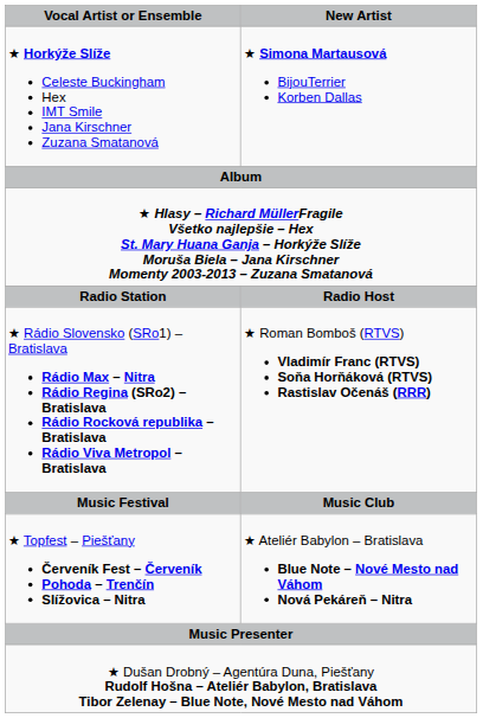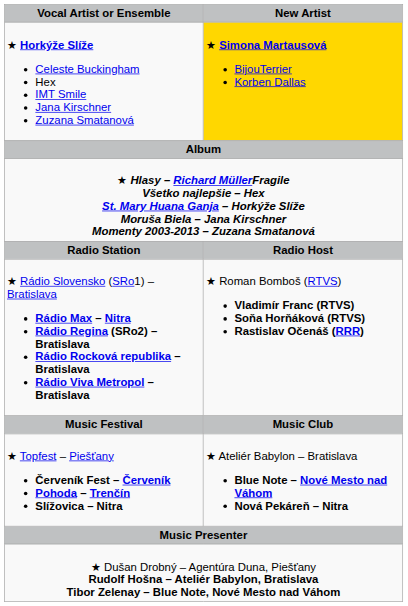 <table class=wikitable>
 <tr>
 <th style=background:#BFC1C2 width=273>Vocal Artist or Ensemble</th>
 <th style=background:#BFC1C2 width=273>New Artist</th>
 </tr>
 <tr>
 <td scope=row valign=top><br>★ <strong><a href='#'>Horkýže Slíže</a></strong><ul><li><a href='#'>Celeste Buckingham</a></li><li>Hex</li><li><a href='#'>IMT Smile</a></li><li><a href='#'>Jana Kirschner</a></li><li><a href='#'>Zuzana Smatanová</a></li></ul></td>
-<td scope=row valign=top><br>★ <strong><a href='#'>Simona Martausová</a></strong><ul><li><a href='#'>BijouTerrier</a></li><li><a href='#'>Korben Dallas</a></li></ul></td>
+<td scope=row valign=top style="background: gold;"><br>★ <strong><a href='#'>Simona Martausová</a></strong><ul><li><a href='#'>BijouTerrier</a></li><li><a href='#'>Korben Dallas</a></li></ul></td>
 </tr>
 <tr>
 <th colspan=2 style=background:#BFC1C2 width=546>Album</th>
 </tr>
 <tr>
 <td colspan=2 scope=row valign=top align=center><br>★ <strong><em>Hlasy<em> – <a href='#'>Richard Müller</a><strong></strong>Fragile<strong> <br></em>Všetko najlepšie<em> – Hex <br></em><a href='#'>St. Mary Huana Ganja</a><em> – Horkýže Slíže <br></em>Moruša Biela<em> – Jana Kirschner <br></em>Momenty 2003-2013 <em> – Zuzana Smatanová</td>
 </tr>
 <tr>
 <th style=background:#BFC1C2 width=273>Radio Station</th>
 <th style=background:#BFC1C2 width=273>Radio Host</th>
 </tr>
 <tr>
 <td scope=row valign=top><br>★ </strong><a href='#'>Rádio Slovensko</a> (<a href='#'>SRo</a>1) – <a href='#'>Bratislava</a><strong><ul><li><a href='#'>Rádio Max</a> – <a href='#'>Nitra</a></li><li><a href='#'>Rádio Regina</a> (SRo2) – Bratislava</li><li><a href='#'>Rádio Rocková republika</a> – Bratislava</li><li><a href='#'>Rádio Viva Metropol</a> – Bratislava</li></ul></td>
 <td scope=row valign=top><br>★ </strong>Roman Bomboš (<a href='#'>RTVS</a>)<strong><ul><li>Vladimír Franc (RTVS)</li><li>Soňa Horňáková (RTVS)</li><li>Rastislav Očenáš (<a href='#'>RRR</a>)</li></ul></td>
 </tr>
 <tr>
 <th style=background:#BFC1C2 width=273>Music Festival</th>
 <th style=background:#BFC1C2 width=273>Music Club</th>
 </tr>
 <tr>
 <td scope=row valign=top><br>★ </strong><a href='#'>Topfest</a> – <a href='#'>Piešťany</a><strong><ul><li>Červeník Fest – <a href='#'>Červeník</a></li><li><a href='#'>Pohoda</a> – <a href='#'>Trenčín</a></li><li>Slížovica – Nitra</li></ul></td>
 <td scope=row valign=top><br>★ </strong>Ateliér Babylon – Bratislava<strong><ul><li>Blue Note – <a href='#'>Nové Mesto nad Váhom</a></li><li>Nová Pekáreň – Nitra</li></ul></td>
 </tr>
 <tr>
 <th colspan=2 style=background:#BFC1C2 width=546>Music Presenter</th>
 </tr>
 <tr>
 <td colspan=2 scope=row valign=top align=center><br>★ </strong>Dušan Drobný – Agentúra Duna, Piešťany<strong> <br>Rudolf Hošna – Ateliér Babylon, Bratislava <br>Tibor Zelenay – Blue Note, Nové Mesto nad Váhom</td>
 </tr>
 </table>
